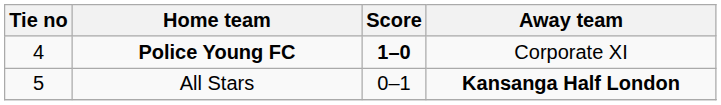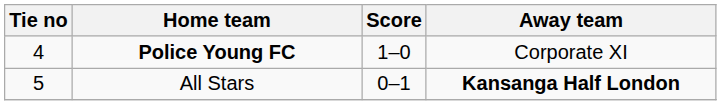 <table class="wikitable" style="text-align:center; float:left; margin-right:1em;">
 <tr>
 <th>Tie no</th>
 <th style="width:14em">Home team</th>
 <th>Score</th>
 <th style="width:14em">Away team</th>
 </tr>
 <tr>
 <td>4</td>
 <td><strong>Police Young FC</strong></td>
-<td><strong>1–0</strong></td>
+<td>1–0</td>
 <td>Corporate XI</td>
 </tr>
 <tr>
 <td>5</td>
 <td>All Stars</td>
 <td>0–1</td>
 <td><strong>Kansanga Half London</strong></td>
 </tr>
 <tr>
 </tr>
 </table>
